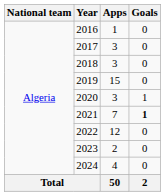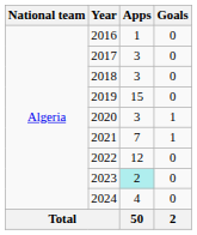 <table class="wikitable" style="text-align:center">
 <tr>
 <th>National team</th>
 <th>Year</th>
 <th>Apps</th>
 <th>Goals</th>
 </tr>
 <tr>
 <td rowspan="9"><a href='#'>Algeria</a></td>
 <td>2016</td>
 <td>1</td>
 <td>0</td>
 </tr>
 <tr>
 <td>2017</td>
 <td>3</td>
 <td>0</td>
 </tr>
 <tr>
 <td>2018</td>
 <td>3</td>
 <td>0</td>
 </tr>
 <tr>
 <td>2019</td>
 <td>15</td>
 <td>0</td>
 </tr>
 <tr>
 <td>2020</td>
 <td>3</td>
 <td>1</td>
 </tr>
 <tr>
 <td>2021</td>
 <td>7</td>
-<td><strong>1</strong></td>
+<td>1</td>
 </tr>
 <tr>
 <td>2022</td>
 <td>12</td>
 <td>0</td>
 </tr>
 <tr>
 <td>2023</td>
-<td>2</td>
+<td style="background: paleturquoise;">2</td>
 <td>0</td>
 </tr>
 <tr>
 <td>2024</td>
 <td>4</td>
 <td>0</td>
 </tr>
 <tr>
 <th colspan="2">Total</th>
 <th>50</th>
 <th>2</th>
 </tr>
 </table>
